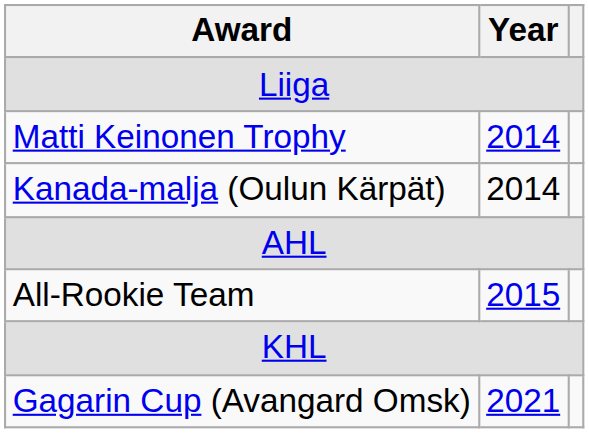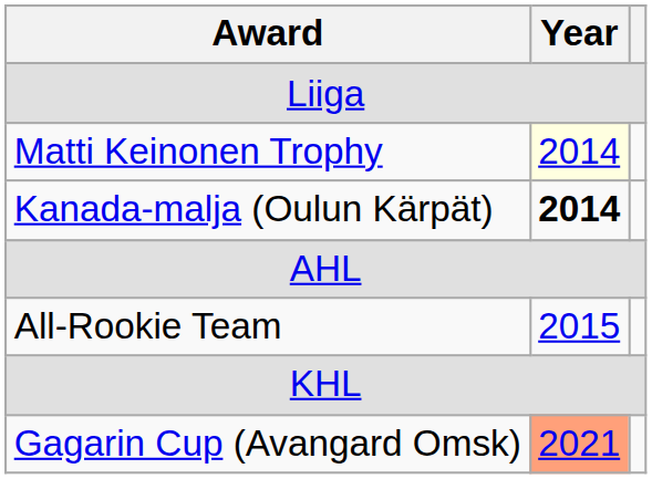 <table class="wikitable">
 <tr>
 <th>Award</th>
 <th>Year</th>
 <th></th>
 </tr>
 <tr ALIGN="center" bgcolor="#e0e0e0">
 <td colspan="3"><a href='#'>Liiga</a></td>
 </tr>
 <tr>
 <td><a href='#'>Matti Keinonen Trophy</a></td>
-<td><a href='#'>2014</a></td>
+<td style="background: lightyellow;"><a href='#'>2014</a></td>
 <td></td>
 </tr>
 <tr>
 <td><a href='#'>Kanada-malja</a> (Oulun Kärpät)</td>
-<td>2014</td>
+<td><strong>2014</strong></td>
 <td></td>
 </tr>
 <tr ALIGN="center" bgcolor="#e0e0e0">
 <td colspan="3"><a href='#'>AHL</a></td>
 </tr>
 <tr>
 <td>All-Rookie Team</td>
 <td><a href='#'>2015</a></td>
 <td></td>
 </tr>
 <tr ALIGN="center" bgcolor="#e0e0e0">
 <td colspan="3"><a href='#'>KHL</a></td>
 </tr>
 <tr>
 <td><a href='#'>Gagarin Cup</a> (Avangard Omsk)</td>
-<td><a href='#'>2021</a></td>
+<td style="background: lightsalmon;"><a href='#'>2021</a></td>
 <td></td>
 </tr>
 </table>
